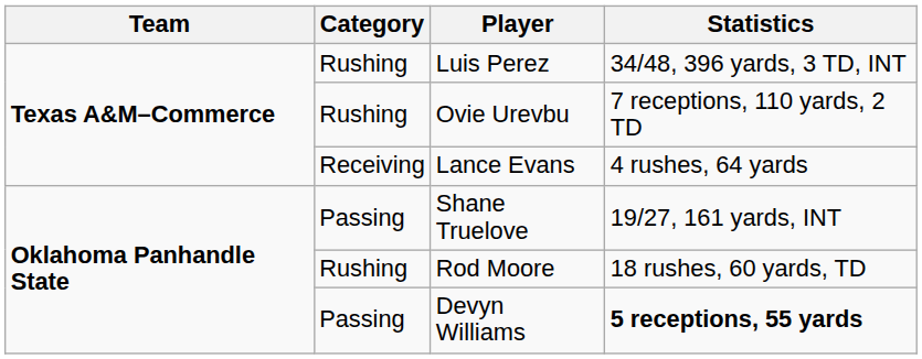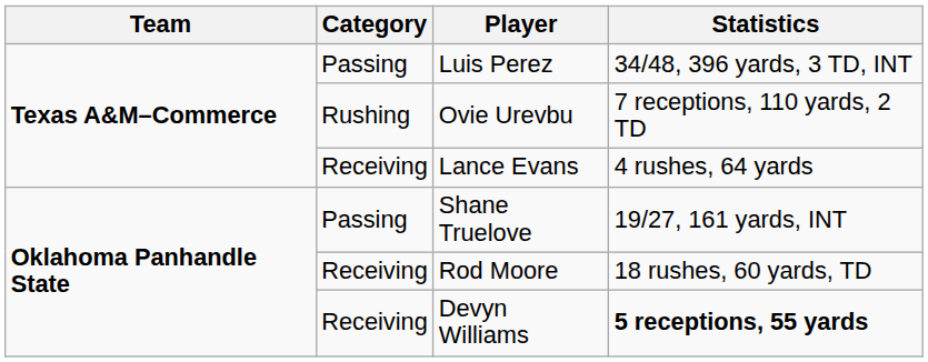 <table class="wikitable" style="float: right;">
 <tr>
 <th>Team</th>
 <th>Category</th>
 <th>Player</th>
 <th>Statistics</th>
 </tr>
 <tr>
 <td rowspan=3><strong>Texas A&M–Commerce</strong></td>
-<td>Rushing</td>
+<td>Passing</td>
 <td>Luis Perez</td>
 <td>34/48, 396 yards, 3 TD, INT</td>
 </tr>
 <tr>
 <td>Rushing</td>
 <td>Ovie Urevbu</td>
 <td>7 receptions, 110 yards, 2 TD</td>
 </tr>
 <tr>
 <td>Receiving</td>
 <td>Lance Evans</td>
 <td>4 rushes, 64 yards</td>
 </tr>
 <tr>
 <td rowspan=3><strong>Oklahoma Panhandle State</strong></td>
 <td>Passing</td>
 <td>Shane Truelove</td>
 <td>19/27, 161 yards, INT</td>
 </tr>
 <tr>
-<td>Rushing</td>
+<td>Receiving</td>
 <td>Rod Moore</td>
 <td>18 rushes, 60 yards, TD</td>
 </tr>
 <tr>
-<td>Passing</td>
+<td>Receiving</td>
 <td>Devyn Williams</td>
 <td><strong>5 receptions, 55 yards</strong></td>
 </tr>
 </table>
